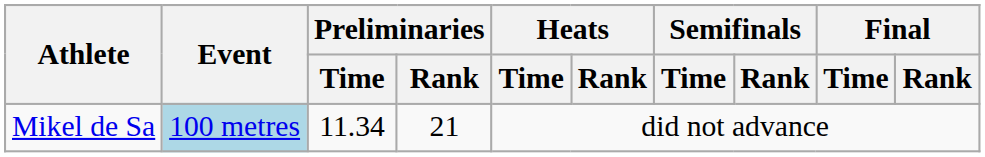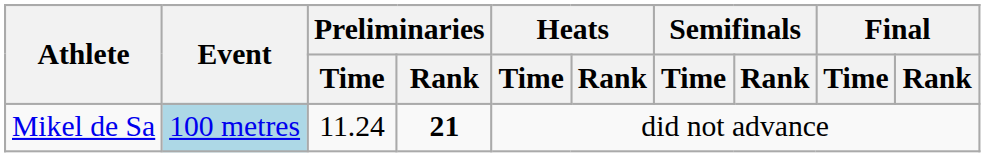 <table class=wikitable style="font-size:90%;">
 <tr>
 <th rowspan=2>Athlete</th>
 <th rowspan=2>Event</th>
 <th colspan=2>Preliminaries</th>
 <th colspan=2>Heats</th>
 <th colspan=2>Semifinals</th>
 <th colspan=2>Final</th>
 </tr>
 <tr>
 <th>Time</th>
 <th>Rank</th>
 <th>Time</th>
 <th>Rank</th>
 <th>Time</th>
 <th>Rank</th>
 <th>Time</th>
 <th>Rank</th>
 </tr>
 <tr>
 <td><a href='#'>Mikel de Sa</a></td>
 <td style="background: lightblue;"><a href='#'>100 metres</a></td>
-<td align="center">11.34</td>
-<td align="center">21</td>
+<td align="center">11.24</td>
+<td align="center"><strong>21</strong></td>
 <td align=center colspan=6>did not advance</td>
 </tr>
 </table>
